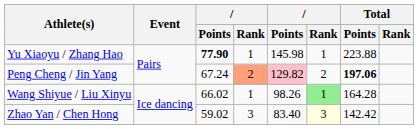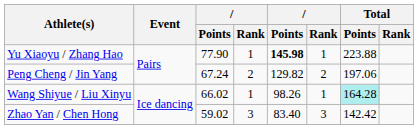 <table class="wikitable" style="font-size:90%">
 <tr>
 <th rowspan="2">Athlete(s)</th>
 <th rowspan="2">Event</th>
 <th colspan="2">/</th>
 <th colspan="2">/</th>
 <th colspan="2">Total</th>
 </tr>
 <tr>
 <th>Points</th>
 <th>Rank</th>
 <th>Points</th>
 <th>Rank</th>
 <th>Points</th>
 <th>Rank</th>
 </tr>
 <tr align="center">
 <td align="left"><a href='#'>Yu Xiaoyu</a> / <a href='#'>Zhang Hao</a></td>
 <td rowspan="2" align="left"><a href='#'>Pairs</a></td>
-<td><strong>77.90</strong></td>
+<td>77.90</td>
 <td>1</td>
-<td>145.98</td>
+<td><strong>145.98</strong></td>
 <td>1</td>
 <td>223.88</td>
 <td></td>
 </tr>
 <tr align="center">
 <td align="left"><a href='#'>Peng Cheng</a> / <a href='#'>Jin Yang</a></td>
 <td>67.24</td>
-<td style="background: lightsalmon;">2</td>
-<td style="background: pink;">129.82</td>
 <td>2</td>
-<td><strong>197.06</strong></td>
+<td>129.82</td>
+<td>2</td>
+<td>197.06</td>
 <td></td>
 </tr>
 <tr align="center">
 <td align="left"><a href='#'>Wang Shiyue</a> / <a href='#'>Liu Xinyu</a></td>
 <td rowspan="2" align="left"><a href='#'>Ice dancing</a></td>
 <td>66.02</td>
 <td>1</td>
 <td>98.26</td>
-<td style="background: lightgreen;">1</td>
-<td>164.28</td>
+<td>1</td>
+<td style="background: paleturquoise;">164.28</td>
 <td></td>
 </tr>
 <tr align="center">
 <td align="left"><a href='#'>Zhao Yan</a> / <a href='#'>Chen Hong</a></td>
 <td>59.02</td>
 <td>3</td>
 <td>83.40</td>
-<td style="background: lightyellow;">3</td>
+<td>3</td>
 <td>142.42</td>
 <td></td>
 </tr>
 </table>
